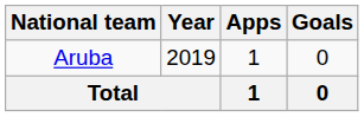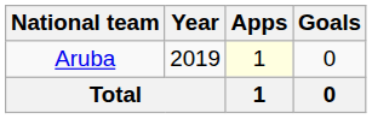 <table class="wikitable" style="text-align:center">
 <tr>
 <th>National team</th>
 <th>Year</th>
 <th>Apps</th>
 <th>Goals</th>
 </tr>
 <tr>
 <td rowspan="1"><a href='#'>Aruba</a></td>
 <td>2019</td>
-<td>1</td>
+<td style="background: lightyellow;">1</td>
 <td>0</td>
 </tr>
 <tr>
 <th colspan=2>Total</th>
 <th>1</th>
 <th>0</th>
 </tr>
 </table>
